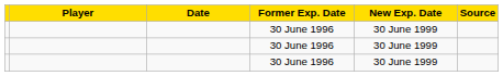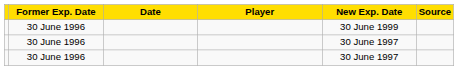 <table class="wikitable sortable">
 <tr>
 <th style="background:#FFDE00"></th>
+<th width=150 style="background:#FFDE00">Former Exp. Date</th>
+<th width=150 style="background:#FFDE00">Date</th>
 <th width=200 style="background:#FFDE00">Player</th>
-<th width=150 style="background:#FFDE00">Date</th>
-<th width=150 style="background:#FFDE00">Former Exp. Date</th>
 <th width=150 style="background:#FFDE00">New Exp. Date</th>
 <th style="background:#FFDE00">Source</th>
 </tr>
 <tr>
 <td align=center></td>
+<td align=center>30 June 1996</td>
+<td align=center></td>
 <td></td>
-<td align=center></td>
-<td align=center>30 June 1996</td>
 <td align=center>30 June 1999</td>
 <td align=center></td>
 </tr>
 <tr>
 <td align=center></td>
+<td align=center>30 June 1996</td>
+<td align=center></td>
 <td></td>
-<td align=center></td>
-<td align=center>30 June 1996</td>
-<td align=center>30 June 1999</td>
+<td align=center>30 June 1997</td>
 <td align=center></td>
 </tr>
 <tr>
 <td align=center></td>
+<td align=center>30 June 1996</td>
+<td align=center></td>
 <td></td>
-<td align=center></td>
-<td align=center>30 June 1996</td>
-<td align=center>30 June 1999</td>
+<td align=center>30 June 1997</td>
 <td align=center></td>
 </tr>
 </table>
